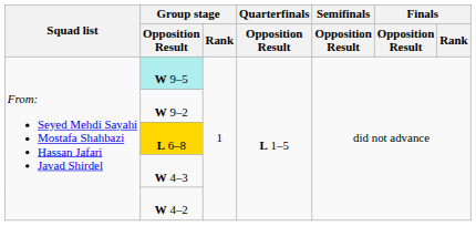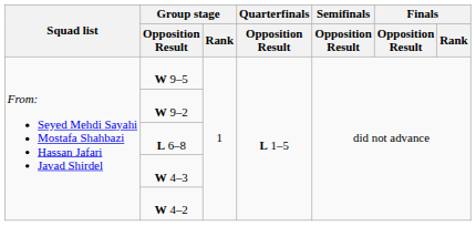 <table class=wikitable>
 <tr>
 <th rowspan="2">Squad list</th>
 <th colspan="2">Group stage</th>
 <th>Quarterfinals</th>
 <th>Semifinals</th>
 <th colspan="2">Finals</th>
 </tr>
 <tr>
 <th>Opposition<br>Result</th>
 <th>Rank</th>
 <th>Opposition<br>Result</th>
 <th>Opposition<br>Result</th>
 <th>Opposition<br>Result</th>
 <th>Rank</th>
 </tr>
 <tr>
 <td rowspan="5"><em>From:</em><br><ul><li><a href='#'>Seyed Mehdi Sayahi</a></li><li><a href='#'>Mostafa Shahbazi</a></li><li><a href='#'>Hassan Jafari</a></li><li><a href='#'>Javad Shirdel</a></li></ul></td>
-<td align="center" style="background: paleturquoise;"><br><strong>W</strong> 9–5</td>
+<td align="center"><br><strong>W</strong> 9–5</td>
 <td align="center" rowspan="5">1</td>
 <td align="center" rowspan="5"><br><strong>L</strong> 1–5</td>
 <td align="center" rowspan="5" colspan="3">did not advance</td>
 </tr>
 <tr>
 <td align="center"><br><strong>W</strong> 9–2</td>
 </tr>
 <tr>
-<td align="center" style="background: gold;"><br><strong>L</strong> 6–8</td>
+<td align="center"><br><strong>L</strong> 6–8</td>
 </tr>
 <tr>
 <td align="center"><br><strong>W</strong> 4–3</td>
 </tr>
 <tr>
 <td align="center"><br><strong>W</strong> 4–2</td>
 </tr>
 </table>
